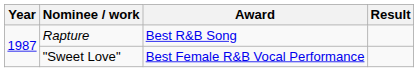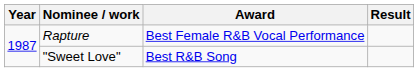 <table class="wikitable">
 <tr>
 <th>Year</th>
 <th>Nominee / work</th>
 <th>Award</th>
 <th>Result</th>
 </tr>
 <tr>
 <td rowspan="2"><a href='#'>1987</a></td>
 <td><em>Rapture</em></td>
-<td><a href='#'>Best R&B Song</a></td>
+<td><a href='#'>Best Female R&B Vocal Performance</a></td>
 <td></td>
 </tr>
 <tr>
 <td>"Sweet Love"</td>
-<td><a href='#'>Best Female R&B Vocal Performance</a></td>
+<td><a href='#'>Best R&B Song</a></td>
 <td></td>
 </tr>
 </table>
